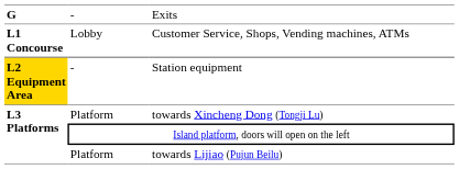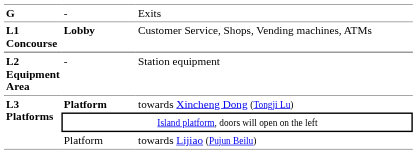 <table table border=0 cellspacing=0 cellpadding=3>
 <tr>
 <td style="border-top:solid 1px gray;" width=50 valign=top><strong>G</strong></td>
 <td style="border-top:solid 1px gray;" width=100 valign=top>-</td>
 <td style="border-top:solid 1px gray;" width=390 valign=top>Exits</td>
 </tr>
 <tr>
 <td style="border-bottom:solid 1px gray; border-top:solid 1px gray;" valign=top width=50><strong>L1<br>Concourse</strong></td>
-<td style="border-bottom:solid 1px gray; border-top:solid 1px gray;" valign=top width=100>Lobby</td>
+<td style="border-bottom:solid 1px gray; border-top:solid 1px gray;" valign=top width=100><strong>Lobby</strong></td>
 <td style="border-bottom:solid 1px gray; border-top:solid 1px gray;" valign=top width=390>Customer Service, Shops, Vending machines, ATMs</td>
 </tr>
 <tr>
-<td style="background: gold; border-bottom:solid 1px gray; border-top:solid 1px gray;" valign=top width=50><strong>L2<br>Equipment Area</strong></td>
+<td style="border-bottom:solid 1px gray; border-top:solid 1px gray;" valign=top width=50><strong>L2<br>Equipment Area</strong></td>
 <td style="border-bottom:solid 1px gray; border-top:solid 1px gray;" valign=top width=100>-</td>
 <td style="border-bottom:solid 1px gray; border-top:solid 1px gray;" valign=top width=390>Station equipment</td>
 </tr>
 <tr>
 <td style="border-bottom:solid 1px gray;" rowspan=4 valign=top><strong>L3<br>Platforms</strong></td>
-<td>Platform </td>
+<td><strong>Platform </strong></td>
 <td>  towards <a href='#'>Xincheng Dong</a> <small>(<a href='#'>Tongji Lu</a>)</small></td>
 </tr>
 <tr>
 <td style="border-right:solid 2px black;border-left:solid 2px black;border-top:solid 2px black;border-bottom:solid 2px black;text-align:center;" colspan=2><small><a href='#'>Island platform</a>, doors will open on the left</small></td>
 </tr>
 <tr>
 <td style="border-bottom:solid 1px gray;">Platform </td>
 <td style="border-bottom:solid 1px gray;"> towards <a href='#'>Lijiao</a> <small>(<a href='#'>Pujun Beilu</a>)</small> </td>
 </tr>
 </table>
